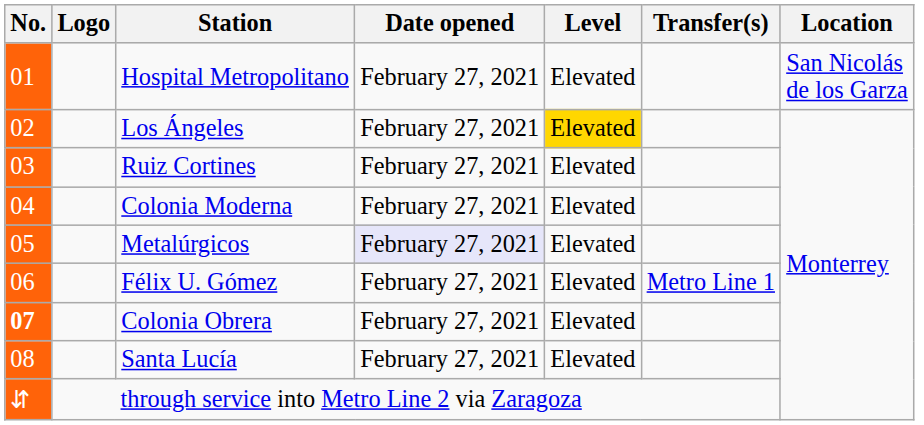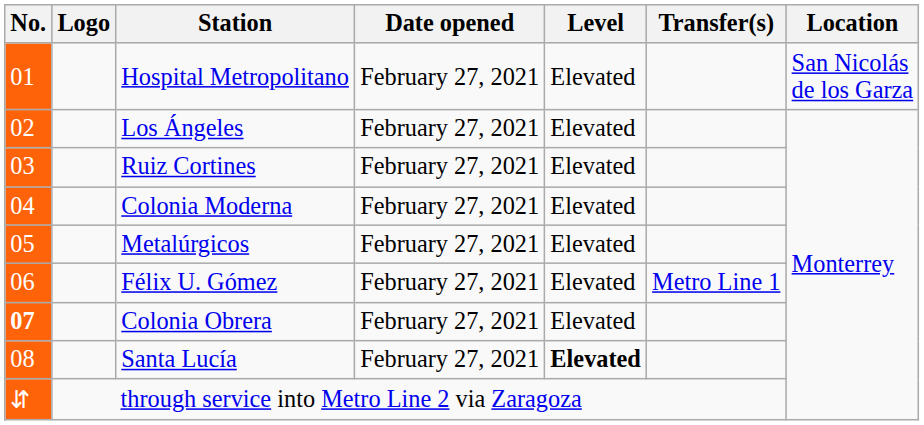 <table class="wikitable" rules="all">
 <tr>
 <th>No.</th>
 <th>Logo</th>
 <th>Station</th>
 <th>Date opened</th>
 <th>Level</th>
 <th>Transfer(s)</th>
 <th>Location</th>
 </tr>
 <tr>
 <td style="background: #ff6309; color: white;">01</td>
 <td align=center></td>
 <td><a href='#'>Hospital Metropolitano</a></td>
 <td>February 27, 2021</td>
 <td>Elevated</td>
 <td></td>
 <td><a href='#'>San Nicolás<br>de los Garza</a></td>
 </tr>
 <tr>
 <td style="background: #ff6309; color: white;">02</td>
 <td align=center></td>
 <td><a href='#'>Los Ángeles</a></td>
 <td>February 27, 2021</td>
-<td style="background: gold;">Elevated</td>
+<td>Elevated</td>
 <td></td>
 <td rowspan="8"><a href='#'>Monterrey</a></td>
 </tr>
 <tr>
 <td style="background: #ff6309; color: white;">03</td>
 <td align=center></td>
 <td><a href='#'>Ruiz Cortines</a></td>
 <td>February 27, 2021</td>
 <td>Elevated</td>
 <td></td>
 </tr>
 <tr>
 <td style="background: #ff6309; color: white;">04</td>
 <td align=center></td>
 <td><a href='#'>Colonia Moderna</a></td>
 <td>February 27, 2021</td>
 <td>Elevated</td>
 <td></td>
 </tr>
 <tr>
 <td style="background: #ff6309; color: white;">05</td>
 <td align=center></td>
 <td><a href='#'>Metalúrgicos</a></td>
-<td style="background: lavender;">February 27, 2021</td>
+<td>February 27, 2021</td>
 <td>Elevated</td>
 <td></td>
 </tr>
 <tr>
 <td style="background: #ff6309; color: white;">06</td>
 <td align=center></td>
 <td><a href='#'>Félix U. Gómez</a></td>
 <td>February 27, 2021</td>
 <td>Elevated</td>
 <td> <a href='#'>Metro Line 1</a></td>
 </tr>
 <tr>
 <td style="background: #ff6309; color: white;"><strong>07</strong></td>
 <td align=center></td>
 <td><a href='#'>Colonia Obrera</a></td>
 <td>February 27, 2021</td>
 <td>Elevated</td>
 <td></td>
 </tr>
 <tr>
 <td style="background: #ff6309; color: white;">08</td>
 <td align=center></td>
 <td><a href='#'>Santa Lucía</a></td>
 <td>February 27, 2021</td>
-<td>Elevated</td>
+<td><strong>Elevated</strong></td>
 <td></td>
 </tr>
 <tr>
 <td style="background: #ff6309; color: white;">⇵</td>
 <td align=center style="border-right:none;"></td>
 <td colspan="4" style="border-left:none;"><a href='#'>through service</a> into  <a href='#'>Metro Line 2</a> via <a href='#'>Zaragoza</a></td>
 </tr>
 </table>
